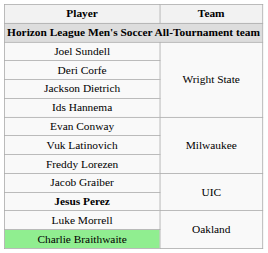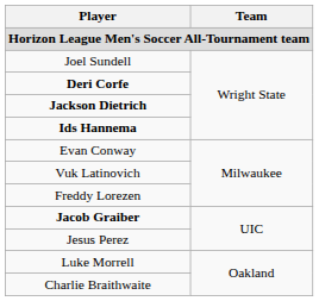 <table class="wikitable" style="white-space:nowrap; font-size:90%; text-align: center;">
 <tr>
 <th>Player</th>
 <th>Team</th>
 </tr>
 <tr>
 <td colspan="2" style="text-align:center; background:#ddd;"><strong>Horizon League Men's Soccer All-Tournament team</strong></td>
 </tr>
 <tr>
 <td>Joel Sundell </td>
 <td rowspan="4">Wright State</td>
 </tr>
 <tr>
-<td>Deri Corfe</td>
+<td><strong>Deri Corfe</strong></td>
 </tr>
 <tr>
-<td>Jackson Dietrich</td>
+<td><strong>Jackson Dietrich</strong></td>
 </tr>
 <tr>
-<td>Ids Hannema</td>
+<td><strong>Ids Hannema</strong></td>
 </tr>
 <tr>
 <td>Evan Conway</td>
 <td rowspan="3">Milwaukee</td>
 </tr>
 <tr>
 <td>Vuk Latinovich</td>
 </tr>
 <tr>
 <td>Freddy Lorezen</td>
 </tr>
 <tr>
-<td>Jacob Graiber</td>
+<td><strong>Jacob Graiber</strong></td>
 <td rowspan="2">UIC</td>
 </tr>
 <tr>
-<td><strong>Jesus Perez</strong></td>
+<td>Jesus Perez</td>
 </tr>
 <tr>
 <td>Luke Morrell</td>
 <td rowspan="2">Oakland</td>
 </tr>
 <tr>
-<td style="background: lightgreen;">Charlie Braithwaite</td>
+<td>Charlie Braithwaite</td>
 </tr>
 </table>
